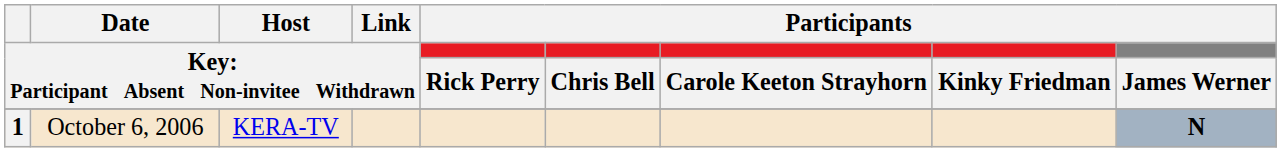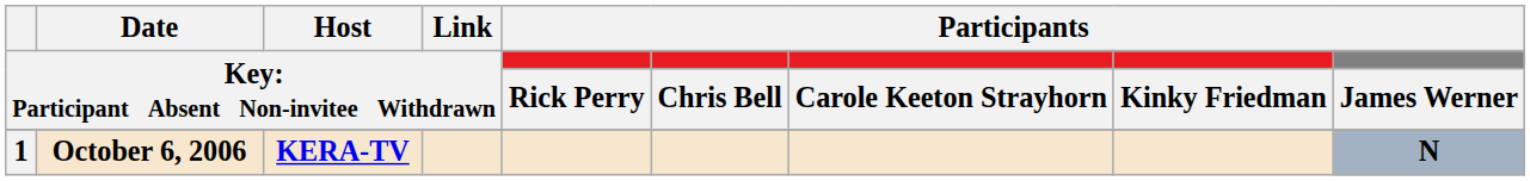 <table class="wikitable" style="text-align:center;">
 <tr>
 <th scope="col"></th>
 <th scope="col">Date</th>
 <th scope="col">Host</th>
 <th scope="col">Link</th>
 <th scope="col" colspan="7">Participants</th>
 </tr>
 <tr>
 <th colspan="4" rowspan="2">Key:<br> <small>Participant  </small> <small>Absent  </small> <small>Non-invitee  </small> <small>Withdrawn</small></th>
 <th scope="col" style="background:#E81B23;"></th>
 <th scope="col" style="background:#E81B23;"></th>
 <th scope="col" style="background:#E81B23;"></th>
 <th scope="col" style="background:#E81B23;"></th>
 <th scope="col" style="background:#808080;"></th>
 </tr>
 <tr>
 <th scope="col">Rick Perry</th>
 <th scope="col">Chris Bell</th>
 <th scope="col">Carole Keeton Strayhorn</th>
 <th scope="col">Kinky Friedman</th>
 <th scope="col">James Werner</th>
 </tr>
 <tr>
 </tr>
 <tr bgcolor="#F7E7CE">
 <th scope="row">1</th>
-<td style="white-space:nowrap;">October 6, 2006</td>
-<td style="white-space:nowrap;"><a href='#'>KERA-TV</a></td>
+<td style="white-space:nowrap;"><strong>October 6, 2006</strong></td>
+<td style="white-space:nowrap;"><strong><a href='#'>KERA-TV</a></strong></td>
 <td style="white-space:nowrap;"></td>
 <td></td>
 <td></td>
 <td></td>
 <td></td>
 <td style="background:#A2B2C2; color:black; text-align:center;"><strong>N</strong></td>
 </tr>
 </table>
